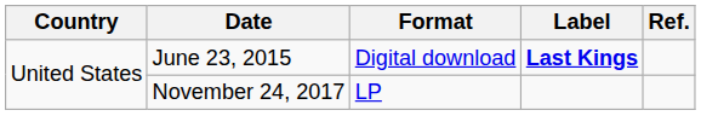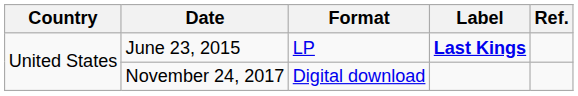 <table class="wikitable plainrowheaders">
 <tr>
 <th scope="col">Country</th>
 <th scope="col">Date</th>
 <th scope="col">Format</th>
 <th scope="col">Label</th>
 <th scope="col">Ref.</th>
 </tr>
 <tr>
 <td rowspan="2">United States</td>
 <td>June 23, 2015</td>
-<td><a href='#'>Digital download</a></td>
+<td><a href='#'>LP</a></td>
 <td><strong><a href='#'>Last Kings</a></strong></td>
 <td style="text-align:center;"></td>
 </tr>
 <tr>
 <td>November 24, 2017</td>
-<td><a href='#'>LP</a></td>
+<td><a href='#'>Digital download</a></td>
 <td></td>
 <td style="text-align:center;"><br></td>
 </tr>
 </table>
